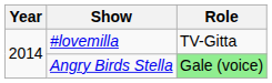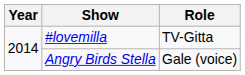 <table class="wikitable">
 <tr>
 <th>Year</th>
 <th>Show</th>
 <th>Role</th>
 </tr>
 <tr>
 <td rowspan="2">2014</td>
 <td><em><a href='#'>#lovemilla</a></em></td>
 <td>TV-Gitta</td>
 </tr>
 <tr>
 <td><em><a href='#'>Angry Birds Stella</a></em></td>
-<td style="background: lightgreen;">Gale (voice)</td>
+<td>Gale (voice)</td>
 </tr>
 </table>
